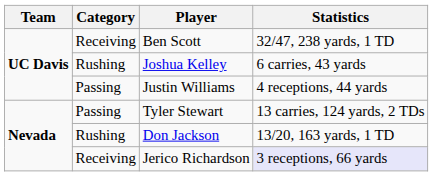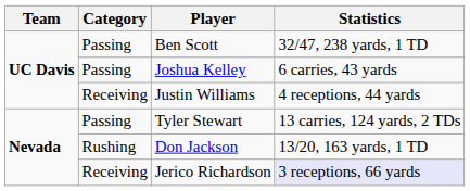 <table class="wikitable" style="float: left;">
 <tr>
 <th>Team</th>
 <th>Category</th>
 <th>Player</th>
 <th>Statistics</th>
 </tr>
 <tr>
 <td rowspan=3><strong>UC Davis</strong></td>
-<td>Receiving</td>
+<td>Passing</td>
 <td>Ben Scott</td>
 <td>32/47, 238 yards, 1 TD</td>
 </tr>
 <tr>
-<td>Rushing</td>
+<td>Passing</td>
 <td><a href='#'>Joshua Kelley</a></td>
 <td>6 carries, 43 yards</td>
 </tr>
 <tr>
-<td>Passing</td>
+<td>Receiving</td>
 <td>Justin Williams</td>
 <td>4 receptions, 44 yards</td>
 </tr>
 <tr>
 <td rowspan=3><strong>Nevada</strong></td>
 <td>Passing</td>
 <td>Tyler Stewart</td>
 <td>13 carries, 124 yards, 2 TDs</td>
 </tr>
 <tr>
 <td>Rushing</td>
 <td><a href='#'>Don Jackson</a></td>
 <td>13/20, 163 yards, 1 TD</td>
 </tr>
 <tr>
 <td>Receiving</td>
 <td>Jerico Richardson</td>
 <td style="background: lavender;">3 receptions, 66 yards</td>
 </tr>
 </table>
